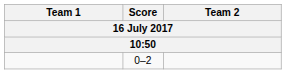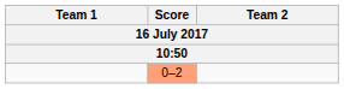 <table class="wikitable" style="text-align: center; font-size:90% ">
 <tr>
 <th align="right" width="160">Team 1</th>
 <th width="50">Score</th>
 <th align="left" width="160">Team 2</th>
 </tr>
 <tr>
 <th colspan=3>16 July 2017</th>
 </tr>
 <tr>
 <th colspan=3>10:50</th>
 </tr>
 <tr>
 <td align=right></td>
-<td align=center>0–2</td>
+<td align=center style="background: lightsalmon;">0–2</td>
 <td align=left></td>
 </tr>
 </table>
